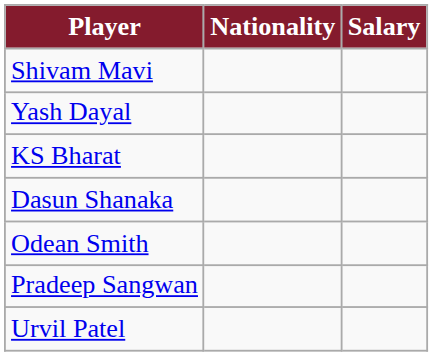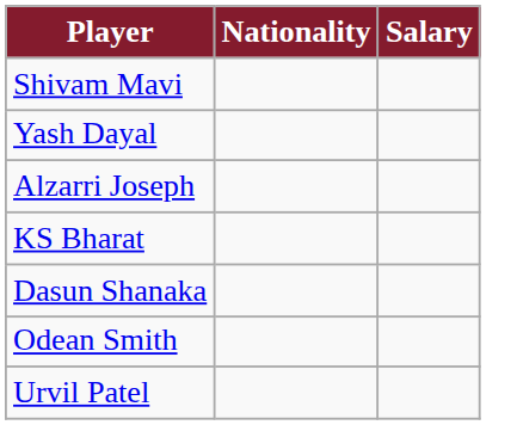 <table class="wikitable" style="font-size:90%;">
 <tr>
 <th style="background: #841B2D;color:white">Player</th>
 <th style="background: #841B2D;color:white">Nationality</th>
 <th style="background: #841B2D;color:white">Salary</th>
 </tr>
 <tr>
 <td><a href='#'>Shivam Mavi</a></td>
 <td></td>
 <td></td>
 </tr>
 <tr>
 <td><a href='#'>Yash Dayal</a></td>
+<td></td>
+<td></td>
+</tr>
+<tr>
+<td><a href='#'>Alzarri Joseph</a></td>
 <td></td>
 <td></td>
 </tr>
 <tr>
 <td><a href='#'>KS Bharat</a></td>
 <td></td>
 <td></td>
 </tr>
 <tr>
 <td><a href='#'>Dasun Shanaka</a></td>
 <td></td>
 <td></td>
 </tr>
 <tr>
 <td><a href='#'>Odean Smith</a></td>
 <td></td>
 <td></td>
 </tr>
 <tr>
-<td><a href='#'>Pradeep Sangwan</a></td>
-<td></td>
-<td></td>
-</tr>
-<tr>
 <td><a href='#'>Urvil Patel</a></td>
 <td></td>
 <td></td>
 </tr>
 </table>
